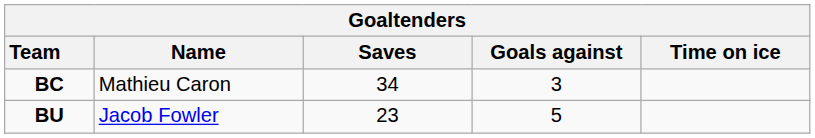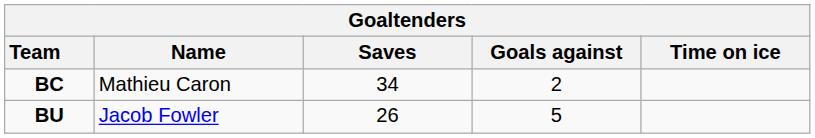 <table class="wikitable" style="width:40em; text-align:right;">
 <tr>
 <th colspan=5>Goaltenders</th>
 </tr>
 <tr>
 <th style="width:4em; text-align:left;">Team</th>
 <th style="width:10em;">Name</th>
 <th style="width:8em;">Saves</th>
 <th style="width:8em;">Goals against</th>
 <th style="width:8em;">Time on ice</th>
 </tr>
 <tr>
 <td align=center><strong>BC</strong></td>
 <td style="text-align:left;">Mathieu Caron</td>
 <td align=center>34</td>
-<td align=center>3</td>
+<td align=center>2</td>
 <td align=center></td>
 </tr>
 <tr>
 <td align=center><strong>BU</strong></td>
 <td style="text-align:left;"><a href='#'>Jacob Fowler</a></td>
-<td align=center>23</td>
+<td align=center>26</td>
 <td align=center>5</td>
 <td align=center></td>
 </tr>
 </table>
